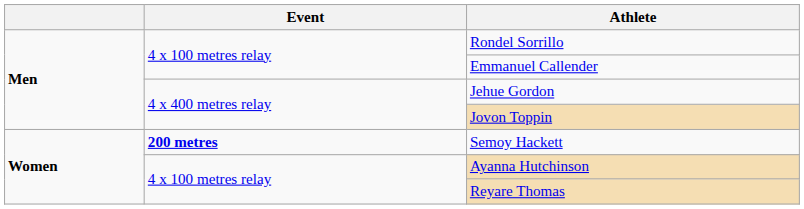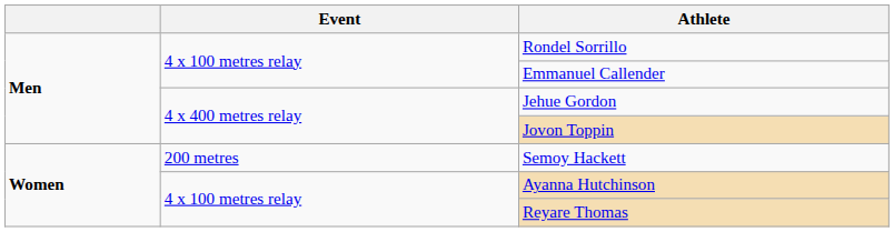 <table class=wikitable style="font-size:90%" width=60%>
 <tr>
 <th></th>
 <th>Event</th>
 <th>Athlete</th>
 </tr>
 <tr>
 <td rowspan=4><strong>Men</strong></td>
 <td rowspan=2><a href='#'>4 x 100 metres relay</a></td>
 <td><a href='#'>Rondel Sorrillo</a></td>
 </tr>
 <tr>
 <td><a href='#'>Emmanuel Callender</a></td>
 </tr>
 <tr>
 <td rowspan=2><a href='#'>4 x 400 metres relay</a></td>
 <td><a href='#'>Jehue Gordon</a></td>
 </tr>
 <tr>
 <td bgcolor="wheat"><a href='#'>Jovon Toppin</a></td>
 </tr>
 <tr>
 <td rowspan=3><strong>Women</strong></td>
-<td><strong><a href='#'>200 metres</a></strong></td>
+<td><a href='#'>200 metres</a></td>
 <td><a href='#'>Semoy Hackett</a></td>
 </tr>
 <tr>
 <td rowspan=2><a href='#'>4 x 100 metres relay</a></td>
 <td bgcolor="wheat"><a href='#'>Ayanna Hutchinson</a></td>
 </tr>
 <tr>
 <td bgcolor="wheat"><a href='#'>Reyare Thomas</a></td>
 </tr>
 </table>
